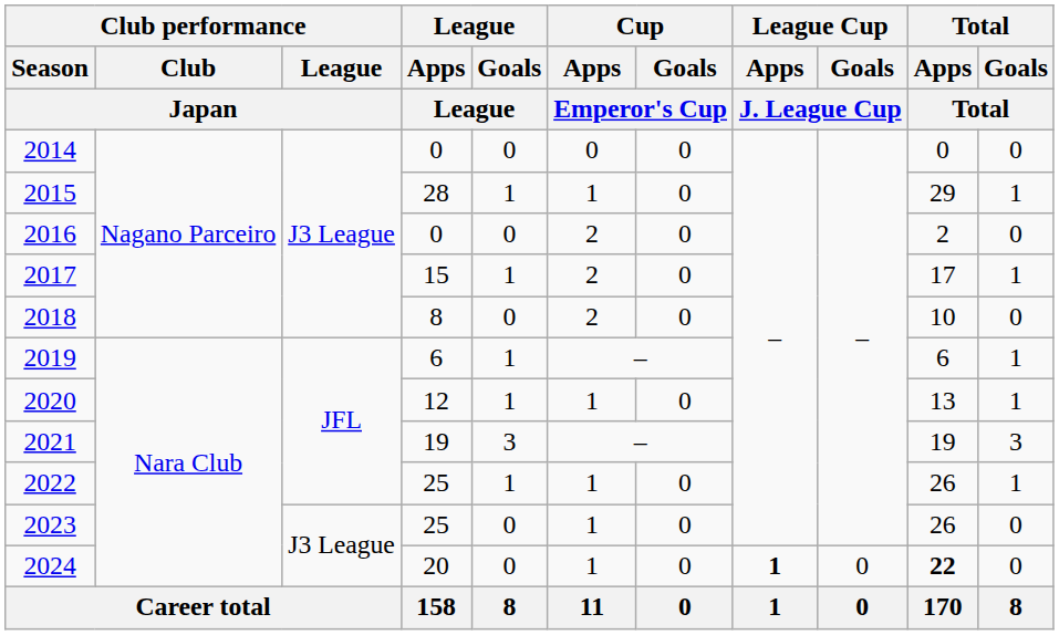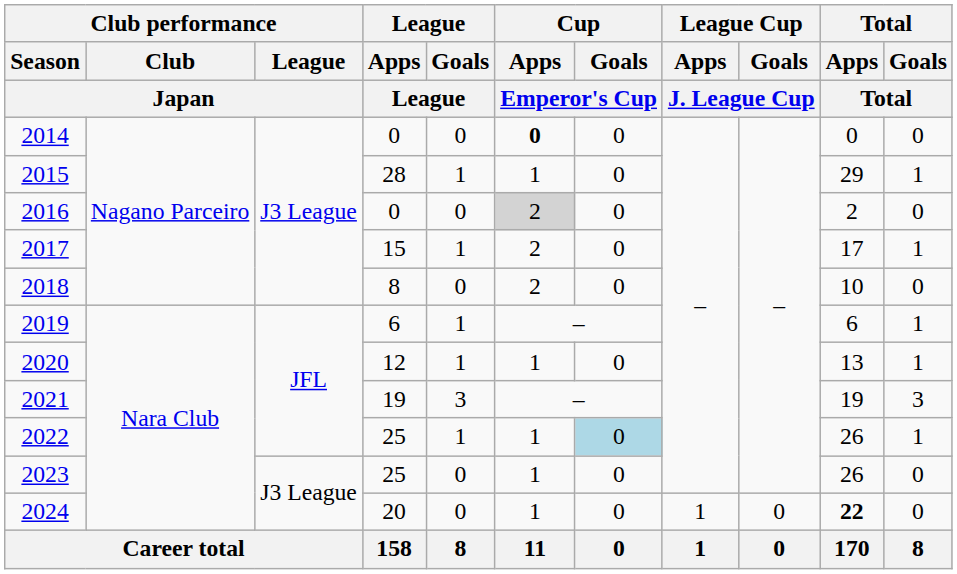 <table class="wikitable" style="text-align:center">
 <tr>
 <th colspan=3>Club performance</th>
 <th colspan=2>League</th>
 <th colspan=2>Cup</th>
 <th colspan=2>League Cup</th>
 <th colspan=2>Total</th>
 </tr>
 <tr>
 <th>Season</th>
 <th>Club</th>
 <th>League</th>
 <th>Apps</th>
 <th>Goals</th>
 <th>Apps</th>
 <th>Goals</th>
 <th>Apps</th>
 <th>Goals</th>
 <th>Apps</th>
 <th>Goals</th>
 </tr>
 <tr>
 <th colspan=3>Japan</th>
 <th colspan=2>League</th>
 <th colspan=2><a href='#'>Emperor's Cup</a></th>
 <th colspan=2><a href='#'>J. League Cup</a></th>
 <th colspan=2>Total</th>
 </tr>
 <tr>
 <td><a href='#'>2014</a></td>
 <td rowspan="5"><a href='#'>Nagano Parceiro</a></td>
 <td rowspan="5"><a href='#'>J3 League</a></td>
 <td>0</td>
 <td>0</td>
-<td>0</td>
+<td><strong>0</strong></td>
 <td>0</td>
 <td rowspan=10>–</td>
 <td rowspan=10>–</td>
 <td>0</td>
 <td>0</td>
 </tr>
 <tr>
 <td><a href='#'>2015</a></td>
 <td>28</td>
 <td>1</td>
 <td>1</td>
 <td>0</td>
 <td>29</td>
 <td>1</td>
 </tr>
 <tr>
 <td><a href='#'>2016</a></td>
 <td>0</td>
 <td>0</td>
-<td>2</td>
+<td style="background: lightgrey;">2</td>
 <td>0</td>
 <td>2</td>
 <td>0</td>
 </tr>
 <tr>
 <td><a href='#'>2017</a></td>
 <td>15</td>
 <td>1</td>
 <td>2</td>
 <td>0</td>
 <td>17</td>
 <td>1</td>
 </tr>
 <tr>
 <td><a href='#'>2018</a></td>
 <td>8</td>
 <td>0</td>
 <td>2</td>
 <td>0</td>
 <td>10</td>
 <td>0</td>
 </tr>
 <tr>
 <td><a href='#'>2019</a></td>
 <td rowspan="6"><a href='#'>Nara Club</a></td>
 <td rowspan="4"><a href='#'>JFL</a></td>
 <td>6</td>
 <td>1</td>
 <td colspan="2">–</td>
 <td>6</td>
 <td>1</td>
 </tr>
 <tr>
 <td><a href='#'>2020</a></td>
 <td>12</td>
 <td>1</td>
 <td>1</td>
 <td>0</td>
 <td>13</td>
 <td>1</td>
 </tr>
 <tr>
 <td><a href='#'>2021</a></td>
 <td>19</td>
 <td>3</td>
 <td colspan="2">–</td>
 <td>19</td>
 <td>3</td>
 </tr>
 <tr>
 <td><a href='#'>2022</a></td>
 <td>25</td>
 <td>1</td>
 <td>1</td>
-<td>0</td>
+<td style="background: lightblue;">0</td>
 <td>26</td>
 <td>1</td>
 </tr>
 <tr>
 <td><a href='#'>2023</a></td>
 <td rowspan=2>J3 League</td>
 <td>25</td>
 <td>0</td>
 <td>1</td>
 <td>0</td>
 <td>26</td>
 <td>0</td>
 </tr>
 <tr>
 <td><a href='#'>2024</a></td>
 <td>20</td>
 <td>0</td>
 <td>1</td>
 <td>0</td>
-<td><strong>1</strong></td>
+<td>1</td>
 <td>0</td>
 <td><strong>22</strong></td>
 <td>0</td>
 </tr>
 <tr>
 <th colspan=3>Career total</th>
 <th>158</th>
 <th>8</th>
 <th>11</th>
 <th>0</th>
 <th>1</th>
 <th>0</th>
 <th>170</th>
 <th>8</th>
 </tr>
 </table>
